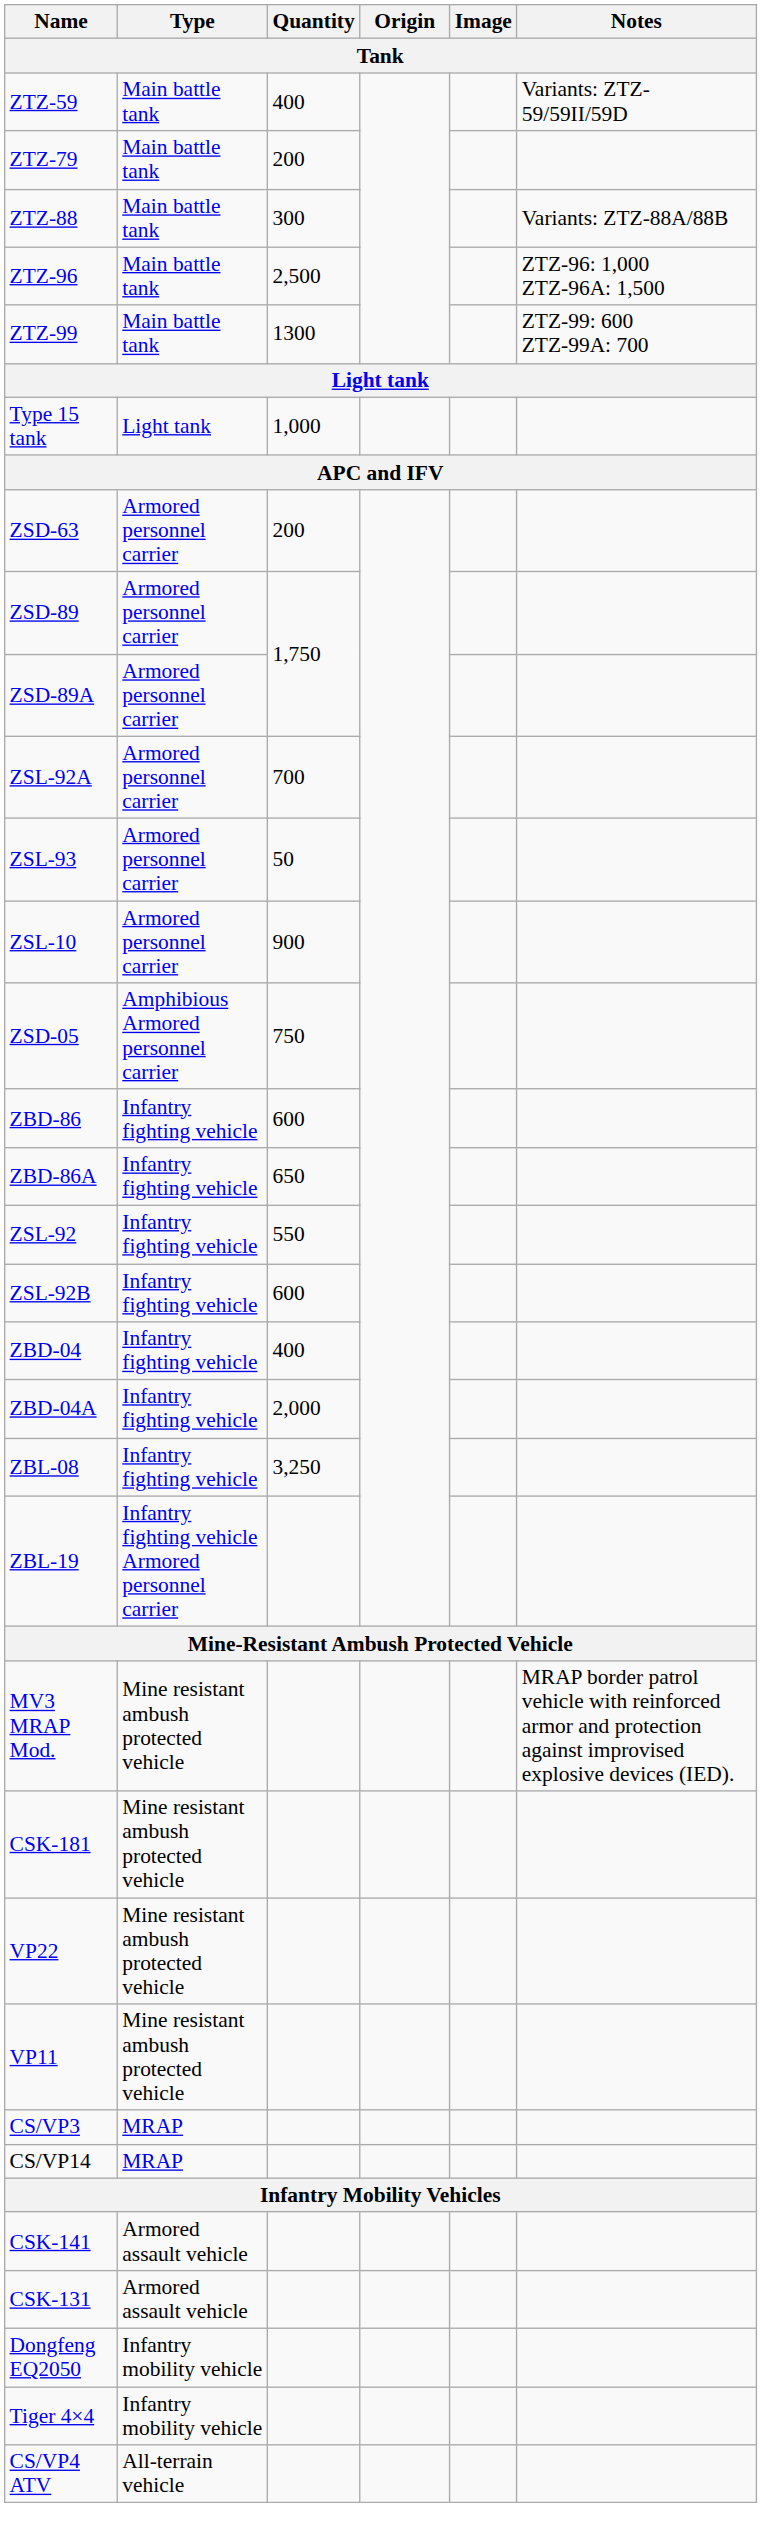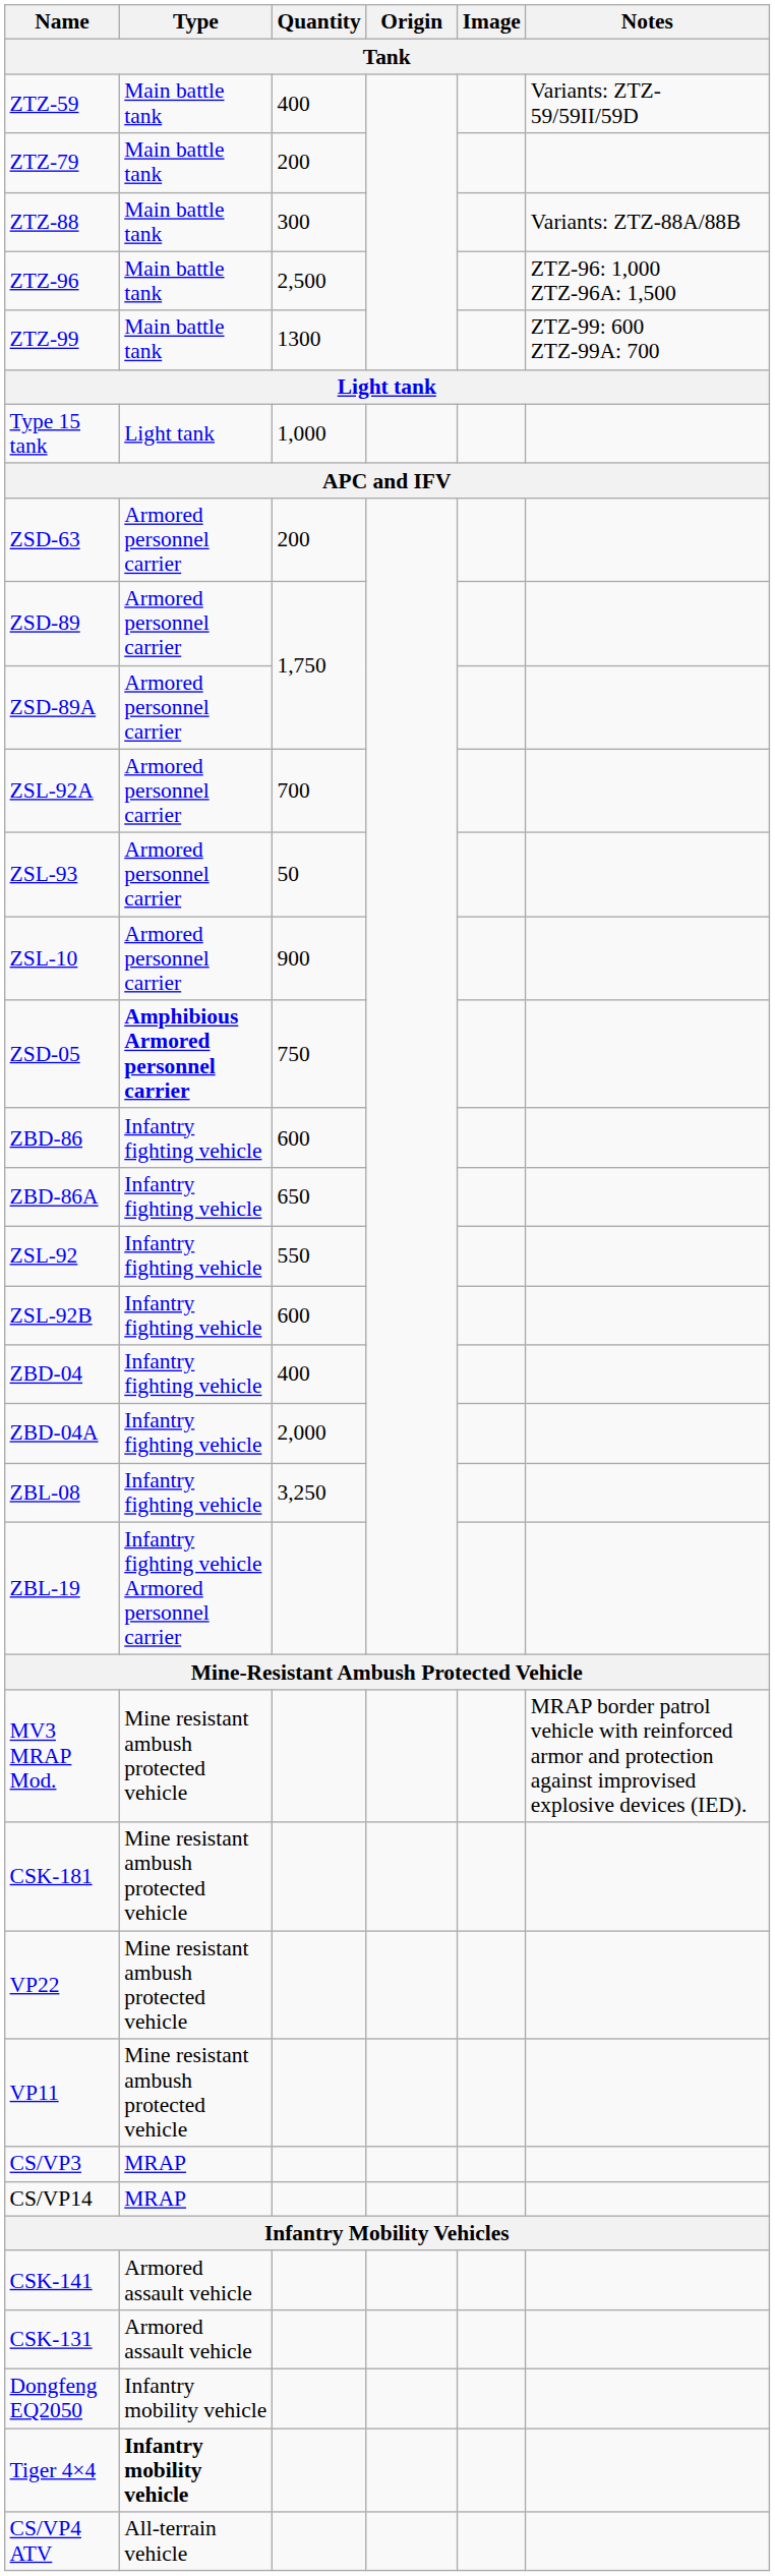 <table class="wikitable" style="width:90%;">
 <tr>
 <th style="width:15%;">Name</th>
 <th style="width:20%;">Type</th>
 <th style="width:12%;">Quantity</th>
 <th style="width:12%;">Origin</th>
 <th>Image</th>
 <th>Notes</th>
 </tr>
 <tr>
 <th colspan="6">Tank</th>
 </tr>
 <tr>
 <td><a href='#'>ZTZ-59</a></td>
 <td><a href='#'>Main battle tank</a></td>
 <td rowspan="1">400</td>
 <td rowspan="5"></td>
 <td></td>
 <td>Variants: ZTZ-59/59II/59D</td>
 </tr>
 <tr>
 <td><a href='#'>ZTZ-79</a></td>
 <td><a href='#'>Main battle tank</a></td>
 <td>200</td>
 <td></td>
 <td></td>
 </tr>
 <tr>
 <td><a href='#'>ZTZ-88</a></td>
 <td><a href='#'>Main battle tank</a></td>
 <td rowspan="1">300</td>
 <td></td>
 <td>Variants: ZTZ-88A/88B</td>
 </tr>
 <tr>
 <td><a href='#'>ZTZ-96</a></td>
 <td><a href='#'>Main battle tank</a></td>
 <td>2,500</td>
 <td></td>
 <td>ZTZ-96: 1,000<br>ZTZ-96A: 1,500</td>
 </tr>
 <tr>
 <td><a href='#'>ZTZ-99</a></td>
 <td><a href='#'>Main battle tank</a></td>
 <td>1300</td>
 <td></td>
 <td>ZTZ-99: 600<br>ZTZ-99A: 700</td>
 </tr>
 <tr>
 <th colspan="6"><a href='#'>Light tank</a></th>
 </tr>
 <tr>
 <td><a href='#'>Type 15 tank</a></td>
 <td><a href='#'>Light tank</a></td>
 <td rowspan="1">1,000</td>
 <td></td>
 <td></td>
 <td></td>
 </tr>
 <tr>
 <th colspan="6">APC and IFV</th>
 </tr>
 <tr>
 <td><a href='#'>ZSD-63</a></td>
 <td><a href='#'>Armored personnel carrier</a></td>
 <td>200</td>
 <td rowspan="15"></td>
 <td></td>
 <td></td>
 </tr>
 <tr>
 <td><a href='#'>ZSD-89</a></td>
 <td><a href='#'>Armored personnel carrier</a></td>
 <td rowspan="2">1,750</td>
 <td></td>
 <td></td>
 </tr>
 <tr>
 <td><a href='#'>ZSD-89A</a></td>
 <td><a href='#'>Armored personnel carrier</a></td>
 <td></td>
 <td></td>
 </tr>
 <tr>
 <td><a href='#'>ZSL-92A</a></td>
 <td><a href='#'>Armored personnel carrier</a></td>
 <td>700</td>
 <td></td>
 <td></td>
 </tr>
 <tr>
 <td><a href='#'>ZSL-93</a></td>
 <td><a href='#'>Armored personnel carrier</a></td>
 <td>50</td>
 <td></td>
 <td></td>
 </tr>
 <tr>
 <td><a href='#'>ZSL-10</a></td>
 <td><a href='#'>Armored personnel carrier</a></td>
 <td>900</td>
 <td></td>
 <td></td>
 </tr>
 <tr>
 <td><a href='#'>ZSD-05</a></td>
-<td><a href='#'>Amphibious Armored personnel carrier</a></td>
+<td><strong><a href='#'>Amphibious Armored personnel carrier</a></strong></td>
 <td>750</td>
 <td></td>
 <td></td>
 </tr>
 <tr>
 <td><a href='#'>ZBD-86</a></td>
 <td><a href='#'>Infantry fighting vehicle</a></td>
 <td>600</td>
 <td></td>
 <td></td>
 </tr>
 <tr>
 <td><a href='#'>ZBD-86A</a></td>
 <td><a href='#'>Infantry fighting vehicle</a></td>
 <td>650</td>
 <td></td>
 <td></td>
 </tr>
 <tr>
 <td><a href='#'>ZSL-92</a></td>
 <td><a href='#'>Infantry fighting vehicle</a></td>
 <td>550</td>
 <td></td>
 <td></td>
 </tr>
 <tr>
 <td><a href='#'>ZSL-92B</a></td>
 <td><a href='#'>Infantry fighting vehicle</a></td>
 <td>600</td>
 <td></td>
 <td></td>
 </tr>
 <tr>
 <td><a href='#'>ZBD-04</a></td>
 <td><a href='#'>Infantry fighting vehicle</a></td>
 <td>400</td>
 <td></td>
 <td></td>
 </tr>
 <tr>
 <td><a href='#'>ZBD-04A</a></td>
 <td><a href='#'>Infantry fighting vehicle</a></td>
 <td>2,000</td>
 <td></td>
 <td></td>
 </tr>
 <tr>
 <td><a href='#'>ZBL-08</a></td>
 <td><a href='#'>Infantry fighting vehicle</a></td>
 <td>3,250</td>
 <td></td>
 <td></td>
 </tr>
 <tr>
 <td><a href='#'>ZBL-19</a></td>
 <td><a href='#'>Infantry fighting vehicle</a><br><a href='#'>Armored personnel carrier</a></td>
 <td></td>
 <td></td>
 <td></td>
 </tr>
 <tr>
 <th colspan="6">Mine-Resistant Ambush Protected Vehicle</th>
 </tr>
 <tr>
 <td><a href='#'>MV3 MRAP Mod.</a></td>
 <td>Mine resistant ambush protected vehicle</td>
 <td></td>
 <td></td>
 <td></td>
 <td>MRAP border patrol vehicle with reinforced armor and protection against improvised explosive devices (IED).</td>
 </tr>
 <tr>
 <td><a href='#'>CSK-181</a></td>
 <td>Mine resistant ambush protected vehicle</td>
 <td></td>
 <td></td>
 <td></td>
 <td></td>
 </tr>
 <tr>
 <td><a href='#'>VP22</a></td>
 <td>Mine resistant ambush protected vehicle</td>
 <td></td>
 <td></td>
 <td></td>
 <td></td>
 </tr>
 <tr>
 <td><a href='#'>VP11</a></td>
 <td>Mine resistant ambush protected vehicle</td>
 <td></td>
 <td></td>
 <td></td>
 <td></td>
 </tr>
 <tr>
 <td><a href='#'>CS/VP3</a></td>
 <td><a href='#'>MRAP</a></td>
 <td></td>
 <td></td>
 <td></td>
 <td></td>
 </tr>
 <tr>
 <td>CS/VP14</td>
 <td><a href='#'>MRAP</a></td>
 <td></td>
 <td></td>
 <td></td>
 <td></td>
 </tr>
 <tr>
 <th colspan="6">Infantry Mobility Vehicles</th>
 </tr>
 <tr>
 <td><a href='#'>CSK-141</a></td>
 <td>Armored assault vehicle</td>
 <td></td>
 <td></td>
 <td></td>
 <td></td>
 </tr>
 <tr>
 <td><a href='#'>CSK-131</a></td>
 <td>Armored assault vehicle</td>
 <td></td>
 <td></td>
 <td></td>
 <td></td>
 </tr>
 <tr>
 <td><a href='#'>Dongfeng EQ2050</a></td>
 <td>Infantry mobility vehicle</td>
 <td></td>
 <td></td>
 <td></td>
 <td></td>
 </tr>
 <tr>
 <td><a href='#'>Tiger 4×4</a></td>
-<td>Infantry mobility vehicle</td>
+<td><strong>Infantry mobility vehicle</strong></td>
 <td></td>
 <td></td>
 <td></td>
 <td></td>
 </tr>
 <tr>
 <td><a href='#'>CS/VP4 ATV</a></td>
 <td>All-terrain vehicle</td>
 <td></td>
 <td></td>
 <td></td>
 <td></td>
 </tr>
 </table>
